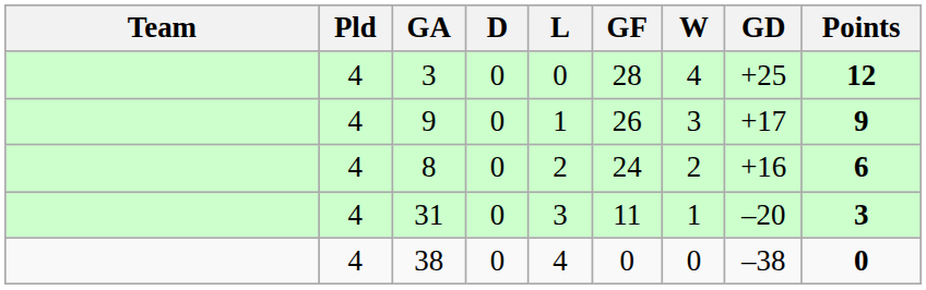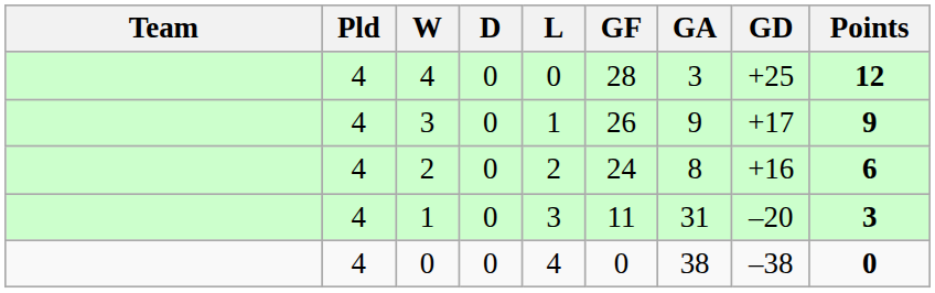 <table class=wikitable style="text-align:center" width=500>
 <tr>
 <th width=25%>Team</th>
 <th width=5%>Pld</th>
-<th width=5%>GA</th>
+<th width=5%>W</th>
 <th width=5%>D</th>
 <th width=5%>L</th>
 <th width=5%>GF</th>
-<th width=5%>W</th>
+<th width=5%>GA</th>
 <th width=5%>GD</th>
 <th width=8%>Points</th>
 </tr>
 <tr bgcolor=#ccffcc>
 <td align=left></td>
 <td>4</td>
-<td>3</td>
+<td>4</td>
 <td>0</td>
 <td>0</td>
 <td>28</td>
-<td>4</td>
+<td>3</td>
 <td>+25</td>
 <td><strong>12</strong></td>
 </tr>
 <tr bgcolor=#ccffcc>
 <td align=left></td>
 <td>4</td>
-<td>9</td>
+<td>3</td>
 <td>0</td>
 <td>1</td>
 <td>26</td>
-<td>3</td>
+<td>9</td>
 <td>+17</td>
 <td><strong>9</strong></td>
 </tr>
 <tr bgcolor=#ccffcc>
 <td align=left></td>
 <td>4</td>
-<td>8</td>
+<td>2</td>
 <td>0</td>
 <td>2</td>
 <td>24</td>
-<td>2</td>
+<td>8</td>
 <td>+16</td>
 <td><strong>6</strong></td>
 </tr>
 <tr bgcolor=#ccffcc>
 <td align=left></td>
 <td>4</td>
-<td>31</td>
+<td>1</td>
 <td>0</td>
 <td>3</td>
 <td>11</td>
-<td>1</td>
+<td>31</td>
 <td>–20</td>
 <td><strong>3</strong></td>
 </tr>
 <tr>
 <td align=left></td>
 <td>4</td>
-<td>38</td>
+<td>0</td>
 <td>0</td>
 <td>4</td>
 <td>0</td>
-<td>0</td>
+<td>38</td>
 <td>–38</td>
 <td><strong>0</strong></td>
 </tr>
 </table>
